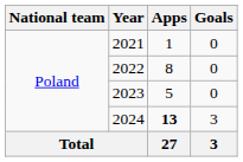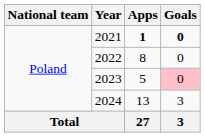 <table class="wikitable" style="text-align: center;">
 <tr>
 <th>National team</th>
 <th>Year</th>
 <th>Apps</th>
 <th>Goals</th>
 </tr>
 <tr>
 <td rowspan="4"><a href='#'>Poland</a></td>
 <td>2021</td>
-<td>1</td>
-<td>0</td>
+<td><strong>1</strong></td>
+<td><strong>0</strong></td>
 </tr>
 <tr>
 <td>2022</td>
 <td>8</td>
 <td>0</td>
 </tr>
 <tr>
 <td>2023</td>
 <td>5</td>
-<td>0</td>
+<td style="background: pink;">0</td>
 </tr>
 <tr>
 <td>2024</td>
-<td><strong>13</strong></td>
+<td>13</td>
 <td>3</td>
 </tr>
 <tr>
 <th colspan="2">Total</th>
 <th>27</th>
 <th>3</th>
 </tr>
 </table>
